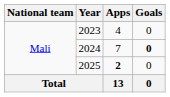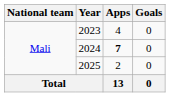 <table class=wikitable style=text-align:center>
 <tr>
 <th>National team</th>
 <th>Year</th>
 <th>Apps</th>
 <th>Goals</th>
 </tr>
 <tr>
 <td rowspan="3"><a href='#'>Mali</a></td>
 <td>2023</td>
 <td>4</td>
 <td>0</td>
 </tr>
 <tr>
 <td>2024</td>
-<td>7</td>
-<td><strong>0</strong></td>
+<td><strong>7</strong></td>
+<td>0</td>
 </tr>
 <tr>
 <td>2025</td>
-<td><strong>2</strong></td>
+<td>2</td>
 <td>0</td>
 </tr>
 <tr>
 <th colspan="2">Total</th>
 <th>13</th>
 <th>0</th>
 </tr>
 </table>
